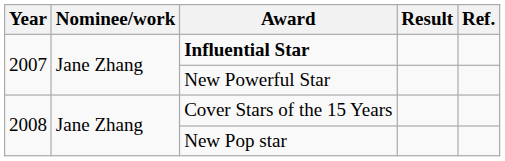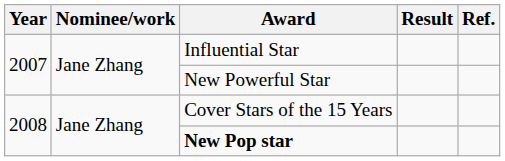 <table class="wikitable">
 <tr>
 <th>Year</th>
 <th>Nominee/work</th>
 <th>Award</th>
 <th><strong>Result</strong></th>
 <th>Ref.</th>
 </tr>
 <tr>
 <td rowspan="2">2007</td>
 <td rowspan="2">Jane Zhang</td>
-<td><strong>Influential Star</strong></td>
+<td>Influential Star</td>
 <td></td>
 <td></td>
 </tr>
 <tr>
 <td>New Powerful Star</td>
 <td></td>
 <td></td>
 </tr>
 <tr>
 <td rowspan="2">2008</td>
 <td rowspan="2">Jane Zhang</td>
 <td>Cover Stars of the 15 Years</td>
 <td></td>
 <td></td>
 </tr>
 <tr>
-<td>New Pop star</td>
+<td><strong>New Pop star</strong></td>
 <td></td>
 <td></td>
 </tr>
 </table>
